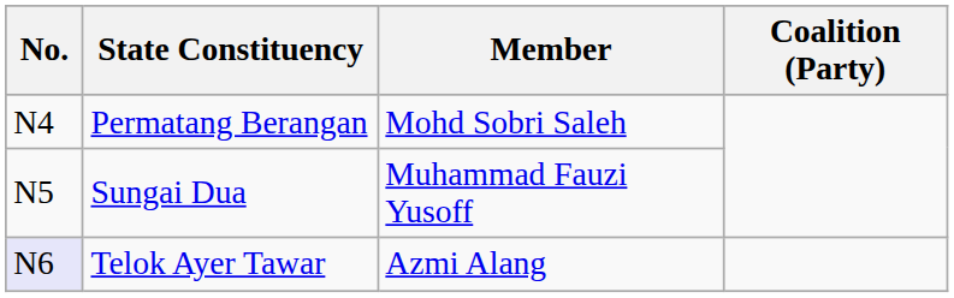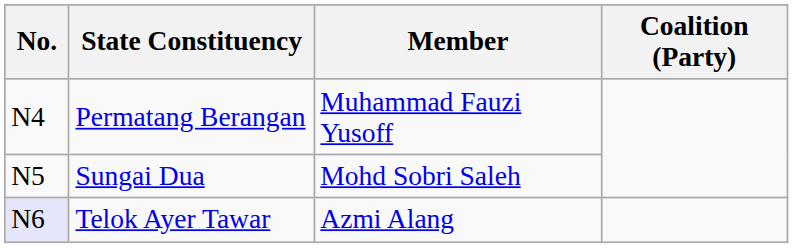 <table class="wikitable">
 <tr>
 <th width="30">No.</th>
 <th width="135">State Constituency</th>
 <th width="160">Member</th>
 <th width="100">Coalition (Party)</th>
 </tr>
 <tr>
 <td>N4</td>
 <td><a href='#'>Permatang Berangan</a></td>
-<td><a href='#'>Mohd Sobri Saleh</a></td>
+<td><a href='#'>Muhammad Fauzi Yusoff</a></td>
 <td rowspan=2></td>
 </tr>
 <tr>
 <td>N5</td>
 <td><a href='#'>Sungai Dua</a></td>
-<td><a href='#'>Muhammad Fauzi Yusoff</a></td>
+<td><a href='#'>Mohd Sobri Saleh</a></td>
 </tr>
 <tr>
 <td style="background: lavender;">N6</td>
 <td><a href='#'>Telok Ayer Tawar</a></td>
 <td><a href='#'>Azmi Alang</a></td>
 <td></td>
 </tr>
 </table>
